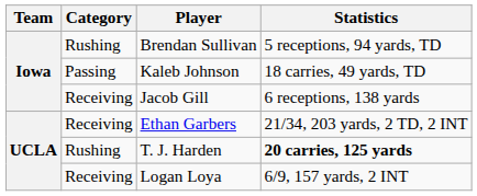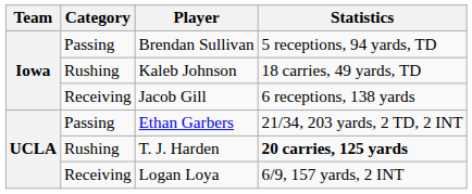 <table class="wikitable" style="float:right">
 <tr>
 <th>Team</th>
 <th>Category</th>
 <th>Player</th>
 <th>Statistics</th>
 </tr>
 <tr>
 <th rowspan=3>Iowa</th>
-<td>Rushing</td>
+<td>Passing</td>
 <td>Brendan Sullivan</td>
 <td>5 receptions, 94 yards, TD</td>
 </tr>
 <tr>
-<td>Passing</td>
+<td>Rushing</td>
 <td>Kaleb Johnson</td>
 <td>18 carries, 49 yards, TD</td>
 </tr>
 <tr>
 <td>Receiving</td>
 <td>Jacob Gill</td>
 <td>6 receptions, 138 yards</td>
 </tr>
 <tr>
 <th rowspan=3>UCLA</th>
-<td>Receiving</td>
+<td>Passing</td>
 <td><a href='#'>Ethan Garbers</a></td>
 <td>21/34, 203 yards, 2 TD, 2 INT</td>
 </tr>
 <tr>
 <td>Rushing</td>
 <td>T. J. Harden</td>
 <td><strong>20 carries, 125 yards</strong></td>
 </tr>
 <tr>
 <td>Receiving</td>
 <td>Logan Loya</td>
 <td>6/9, 157 yards, 2 INT</td>
 </tr>
 </table>
